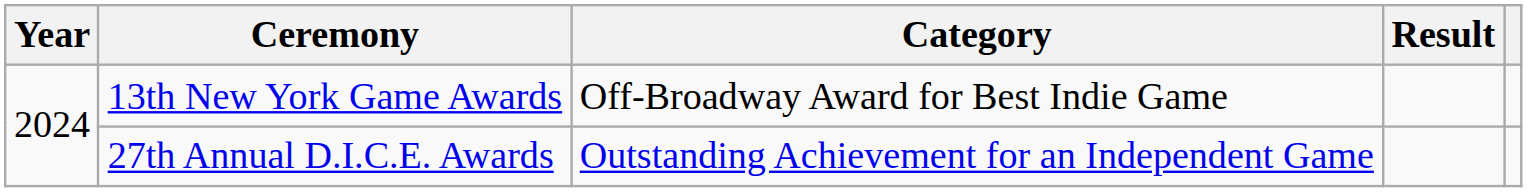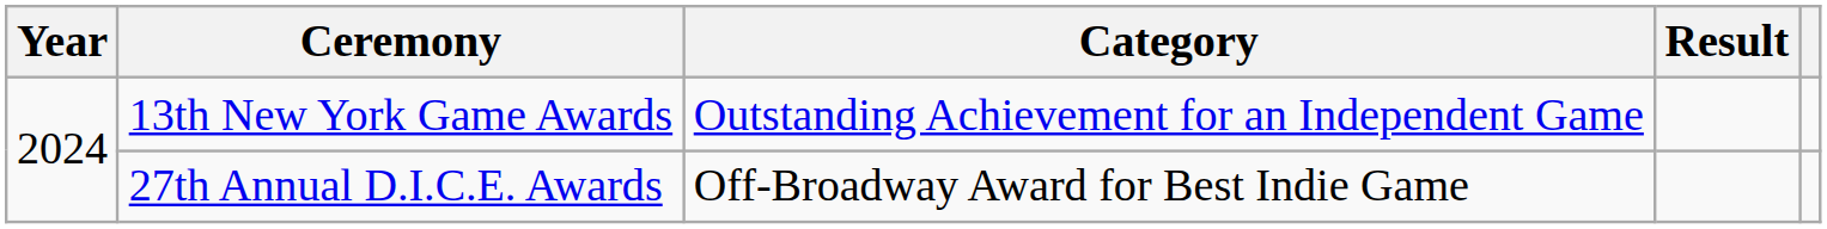 <table class="wikitable plainrowheaders sortable" width="auto">
 <tr>
 <th scope="col">Year</th>
 <th scope="col">Ceremony</th>
 <th scope="col">Category</th>
 <th scope="col">Result</th>
 <th scope="col" class="unsortable"></th>
 </tr>
 <tr>
 <td rowspan="2" style="text-align:center;">2024</td>
 <td><a href='#'>13th New York Game Awards</a></td>
-<td>Off-Broadway Award for Best Indie Game</td>
+<td><a href='#'>Outstanding Achievement for an Independent Game</a></td>
 <td></td>
 <td rowspan="1"></td>
 </tr>
 <tr>
 <td><a href='#'>27th Annual D.I.C.E. Awards</a></td>
-<td><a href='#'>Outstanding Achievement for an Independent Game</a></td>
+<td>Off-Broadway Award for Best Indie Game</td>
 <td></td>
 <td style="text-align:center;"></td>
 </tr>
 </table>
